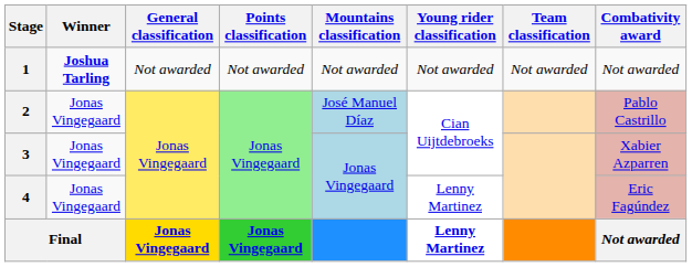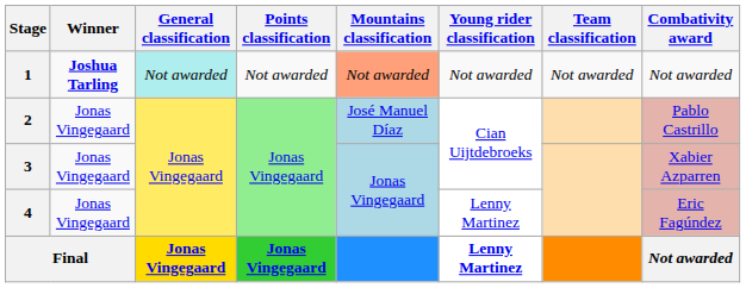 <table class="wikitable" style="text-align: center; font-size:smaller;">
 <tr>
 <th>Stage</th>
 <th>Winner</th>
 <th><a href='#'>General classification</a><br></th>
 <th><a href='#'>Points classification</a><br></th>
 <th><a href='#'>Mountains classification</a><br></th>
 <th><a href='#'>Young rider classification</a><br></th>
 <th><a href='#'>Team classification</a></th>
 <th><a href='#'>Combativity award</a></th>
 </tr>
 <tr>
 <th>1</th>
 <td><strong><a href='#'>Joshua Tarling</a></strong></td>
+<td style="background: paleturquoise;"><em>Not awarded</em></td>
 <td><em>Not awarded</em></td>
-<td><em>Not awarded</em></td>
-<td><em>Not awarded</em></td>
+<td style="background: lightsalmon;"><em>Not awarded</em></td>
 <td><em>Not awarded</em></td>
 <td><em>Not awarded</em></td>
 <td><em>Not awarded</em></td>
 </tr>
 <tr>
 <th>2</th>
 <td><a href='#'>Jonas Vingegaard</a></td>
 <td style="background:#FFEB64;" rowspan="3"><a href='#'>Jonas Vingegaard</a></td>
 <td style="background:lightgreen;" rowspan="3"><a href='#'>Jonas Vingegaard</a></td>
 <td style="background:lightblue;"><a href='#'>José Manuel Díaz</a></td>
 <td style="background:white;" rowspan="2"><a href='#'>Cian Uijtdebroeks</a></td>
 <td style="background:navajowhite;"></td>
 <td style="background:#E4B3AB;"><a href='#'>Pablo Castrillo</a></td>
 </tr>
 <tr>
 <th>3</th>
 <td><a href='#'>Jonas Vingegaard</a></td>
 <td style="background:lightblue;" rowspan="2"><a href='#'>Jonas Vingegaard</a></td>
 <td style="background:navajowhite;" rowspan="2"></td>
 <td style="background:#E4B3AB;"><a href='#'>Xabier Azparren</a></td>
 </tr>
 <tr>
 <th>4</th>
 <td><a href='#'>Jonas Vingegaard</a></td>
 <td style="background:white;"><a href='#'>Lenny Martinez</a></td>
 <td style="background:#E4B3AB;"><a href='#'>Eric Fagúndez</a></td>
 </tr>
 <tr>
 <th colspan="2">Final</th>
 <th style="background:#FFDB00;"><a href='#'>Jonas Vingegaard</a></th>
 <th style="background:limegreen;"><a href='#'>Jonas Vingegaard</a></th>
 <th style="background:dodgerblue;"></th>
 <th style="background:white;"><a href='#'>Lenny Martinez</a></th>
 <th style="background:#FF8C00;"></th>
 <th><em>Not awarded</em></th>
 </tr>
 </table>
